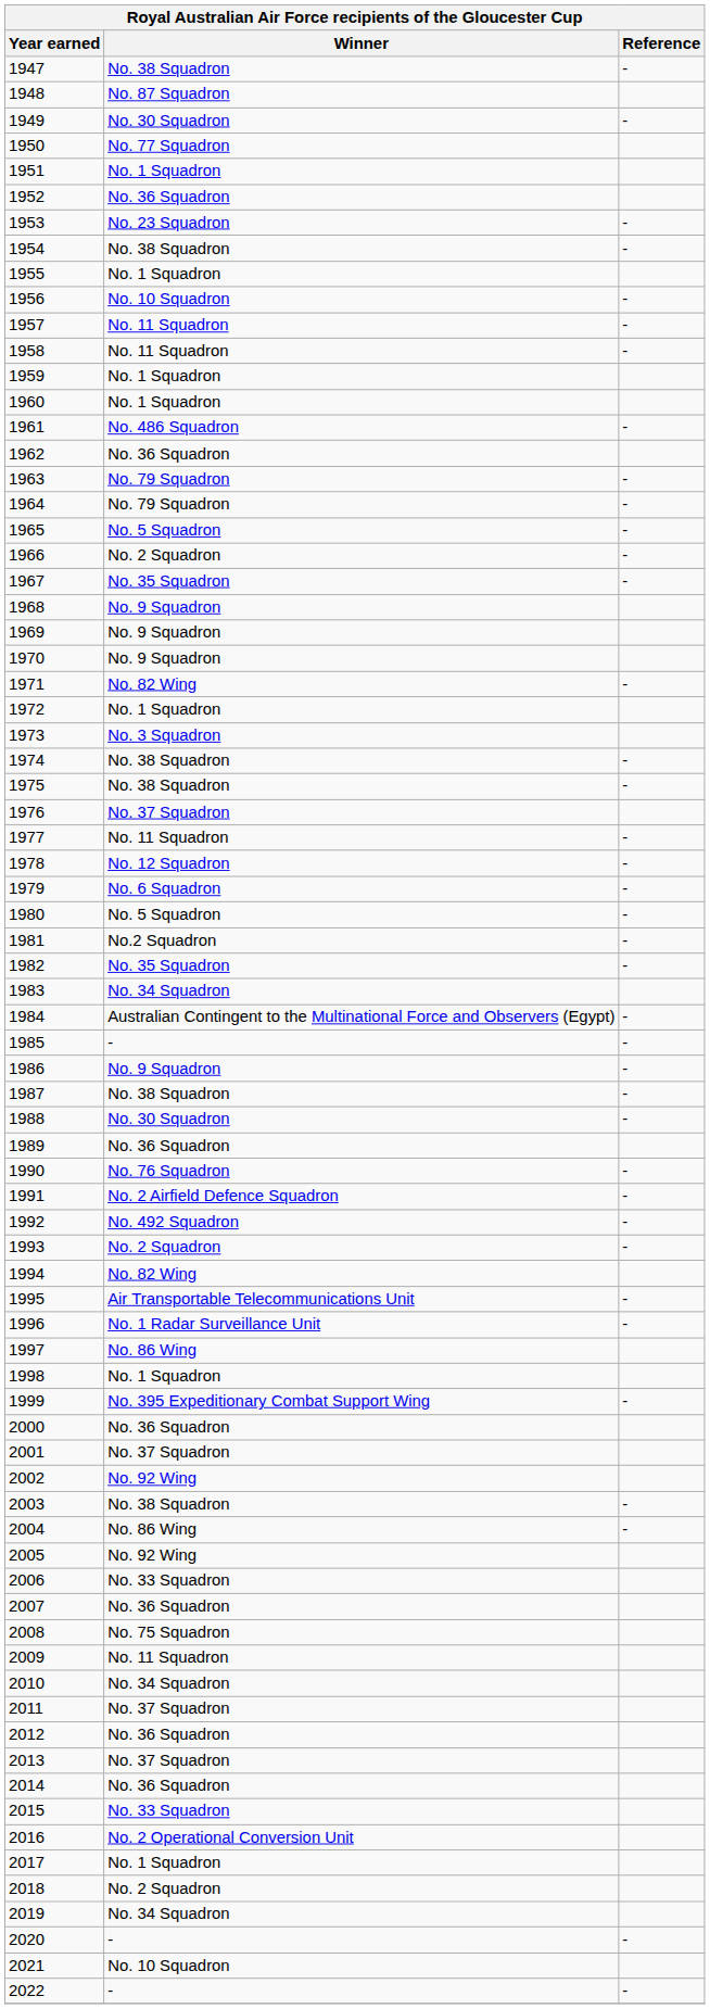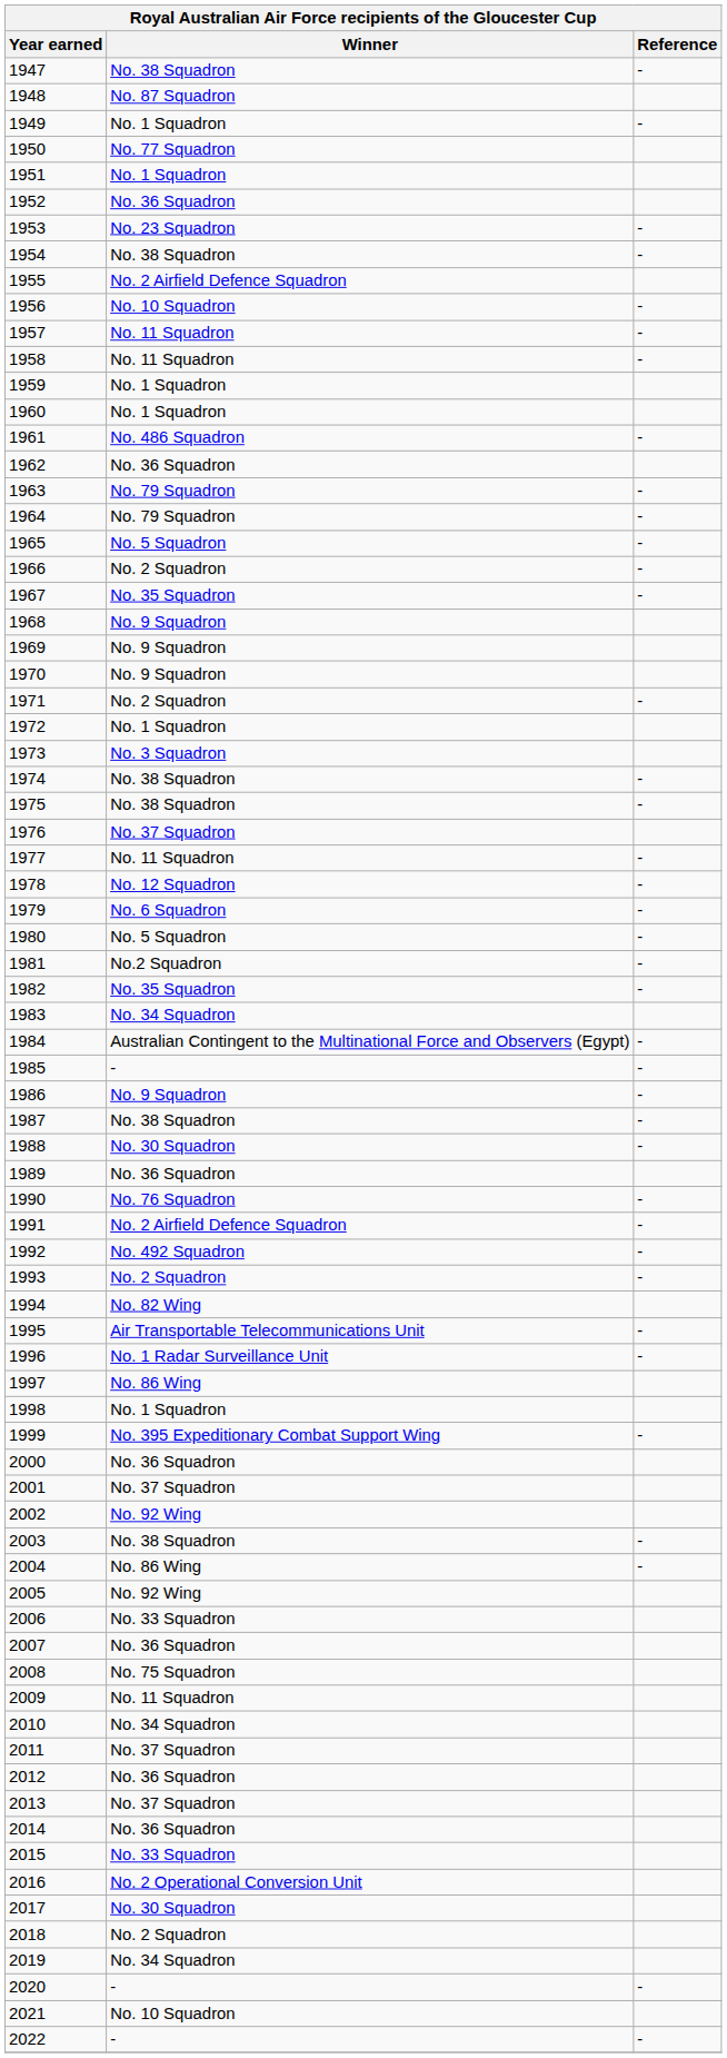 <table class="wikitable sortable collapsible collapsed" border="1">
 <tr>
 <th colspan="3" align="center">Royal Australian Air Force recipients of the Gloucester Cup</th>
 </tr>
 <tr>
 <th>Year earned</th>
 <th>Winner</th>
 <th>Reference</th>
 </tr>
 <tr>
 <td>1947</td>
 <td><a href='#'>No. 38 Squadron</a></td>
 <td>-</td>
 </tr>
 <tr>
 <td>1948</td>
 <td><a href='#'>No. 87 Squadron</a></td>
 <td></td>
 </tr>
 <tr>
 <td>1949</td>
-<td><a href='#'>No. 30 Squadron</a></td>
+<td>No. 1 Squadron</td>
 <td>-</td>
 </tr>
 <tr>
 <td>1950</td>
 <td><a href='#'>No. 77 Squadron</a></td>
 <td></td>
 </tr>
 <tr>
 <td>1951</td>
 <td><a href='#'>No. 1 Squadron</a></td>
 <td></td>
 </tr>
 <tr>
 <td>1952</td>
 <td><a href='#'>No. 36 Squadron</a></td>
 <td></td>
 </tr>
 <tr>
 <td>1953</td>
 <td><a href='#'>No. 23 Squadron</a></td>
 <td>-</td>
 </tr>
 <tr>
 <td>1954</td>
 <td>No. 38 Squadron</td>
 <td>-</td>
 </tr>
 <tr>
 <td>1955</td>
-<td>No. 1 Squadron</td>
+<td><a href='#'>No. 2 Airfield Defence Squadron</a></td>
 <td></td>
 </tr>
 <tr>
 <td>1956</td>
 <td><a href='#'>No. 10 Squadron</a></td>
 <td>-</td>
 </tr>
 <tr>
 <td>1957</td>
 <td><a href='#'>No. 11 Squadron</a></td>
 <td>-</td>
 </tr>
 <tr>
 <td>1958</td>
 <td>No. 11 Squadron</td>
 <td>-</td>
 </tr>
 <tr>
 <td>1959</td>
 <td>No. 1 Squadron</td>
 <td></td>
 </tr>
 <tr>
 <td>1960</td>
 <td>No. 1 Squadron</td>
 <td></td>
 </tr>
 <tr>
 <td>1961</td>
 <td><a href='#'>No. 486 Squadron</a></td>
 <td>-</td>
 </tr>
 <tr>
 <td>1962</td>
 <td>No. 36 Squadron</td>
 <td></td>
 </tr>
 <tr>
 <td>1963</td>
 <td><a href='#'>No. 79 Squadron</a></td>
 <td>-</td>
 </tr>
 <tr>
 <td>1964</td>
 <td>No. 79 Squadron</td>
 <td>-</td>
 </tr>
 <tr>
 <td>1965</td>
 <td><a href='#'>No. 5 Squadron</a></td>
 <td>-</td>
 </tr>
 <tr>
 <td>1966</td>
 <td>No. 2 Squadron</td>
 <td>-</td>
 </tr>
 <tr>
 <td>1967</td>
 <td><a href='#'>No. 35 Squadron</a></td>
 <td>-</td>
 </tr>
 <tr>
 <td>1968</td>
 <td><a href='#'>No. 9 Squadron</a></td>
 <td></td>
 </tr>
 <tr>
 <td>1969</td>
 <td>No. 9 Squadron</td>
 <td></td>
 </tr>
 <tr>
 <td>1970</td>
 <td>No. 9 Squadron</td>
 <td></td>
 </tr>
 <tr>
 <td>1971</td>
-<td><a href='#'>No. 82 Wing</a></td>
+<td>No. 2 Squadron</td>
 <td>-</td>
 </tr>
 <tr>
 <td>1972</td>
 <td>No. 1 Squadron</td>
 <td></td>
 </tr>
 <tr>
 <td>1973</td>
 <td><a href='#'>No. 3 Squadron</a></td>
 <td></td>
 </tr>
 <tr>
 <td>1974</td>
 <td>No. 38 Squadron</td>
 <td>-</td>
 </tr>
 <tr>
 <td>1975</td>
 <td>No. 38 Squadron</td>
 <td>-</td>
 </tr>
 <tr>
 <td>1976</td>
 <td><a href='#'>No. 37 Squadron</a></td>
 <td></td>
 </tr>
 <tr>
 <td>1977</td>
 <td>No. 11 Squadron</td>
 <td>-</td>
 </tr>
 <tr>
 <td>1978</td>
 <td><a href='#'>No. 12 Squadron</a></td>
 <td>-</td>
 </tr>
 <tr>
 <td>1979</td>
 <td><a href='#'>No. 6 Squadron</a></td>
 <td>-</td>
 </tr>
 <tr>
 <td>1980</td>
 <td>No. 5 Squadron</td>
 <td>-</td>
 </tr>
 <tr>
 <td>1981</td>
 <td>No.2 Squadron</td>
 <td>-</td>
 </tr>
 <tr>
 <td>1982</td>
 <td><a href='#'>No. 35 Squadron</a></td>
 <td>-</td>
 </tr>
 <tr>
 <td>1983</td>
 <td><a href='#'>No. 34 Squadron</a></td>
 <td></td>
 </tr>
 <tr>
 <td>1984</td>
 <td>Australian Contingent to the <a href='#'>Multinational Force and Observers</a> (Egypt)</td>
 <td>-</td>
 </tr>
 <tr>
 <td>1985</td>
 <td>-</td>
 <td>-</td>
 </tr>
 <tr>
 <td>1986</td>
 <td><a href='#'>No. 9 Squadron</a></td>
 <td>-</td>
 </tr>
 <tr>
 <td>1987</td>
 <td>No. 38 Squadron</td>
 <td>-</td>
 </tr>
 <tr>
 <td>1988</td>
 <td><a href='#'>No. 30 Squadron</a></td>
 <td>-</td>
 </tr>
 <tr>
 <td>1989</td>
 <td>No. 36 Squadron</td>
 <td></td>
 </tr>
 <tr>
 <td>1990</td>
 <td><a href='#'>No. 76 Squadron</a></td>
 <td>-</td>
 </tr>
 <tr>
 <td>1991</td>
 <td><a href='#'>No. 2 Airfield Defence Squadron</a></td>
 <td>-</td>
 </tr>
 <tr>
 <td>1992</td>
 <td><a href='#'>No. 492 Squadron</a></td>
 <td>-</td>
 </tr>
 <tr>
 <td>1993</td>
 <td><a href='#'>No. 2 Squadron</a></td>
 <td>-</td>
 </tr>
 <tr>
 <td>1994</td>
 <td><a href='#'>No. 82 Wing</a></td>
 <td></td>
 </tr>
 <tr>
 <td>1995</td>
 <td><a href='#'>Air Transportable Telecommunications Unit</a></td>
 <td>-</td>
 </tr>
 <tr>
 <td>1996</td>
 <td><a href='#'>No. 1 Radar Surveillance Unit</a></td>
 <td>-</td>
 </tr>
 <tr>
 <td>1997</td>
 <td><a href='#'>No. 86 Wing</a></td>
 <td></td>
 </tr>
 <tr>
 <td>1998</td>
 <td>No. 1 Squadron</td>
 <td></td>
 </tr>
 <tr>
 <td>1999</td>
 <td><a href='#'>No. 395 Expeditionary Combat Support Wing</a></td>
 <td>-</td>
 </tr>
 <tr>
 <td>2000</td>
 <td>No. 36 Squadron</td>
 <td></td>
 </tr>
 <tr>
 <td>2001</td>
 <td>No. 37 Squadron</td>
 <td></td>
 </tr>
 <tr>
 <td>2002</td>
 <td><a href='#'>No. 92 Wing</a></td>
 <td></td>
 </tr>
 <tr>
 <td>2003</td>
 <td>No. 38 Squadron</td>
 <td>-</td>
 </tr>
 <tr>
 <td>2004</td>
 <td>No. 86 Wing</td>
 <td>-</td>
 </tr>
 <tr>
 <td>2005</td>
 <td>No. 92 Wing</td>
 <td></td>
 </tr>
 <tr>
 <td>2006</td>
 <td>No. 33 Squadron</td>
 <td></td>
 </tr>
 <tr>
 <td>2007</td>
 <td>No. 36 Squadron</td>
 <td></td>
 </tr>
 <tr>
 <td>2008</td>
 <td>No. 75 Squadron</td>
 <td></td>
 </tr>
 <tr>
 <td>2009</td>
 <td>No. 11 Squadron</td>
 <td></td>
 </tr>
 <tr>
 <td>2010</td>
 <td>No. 34 Squadron</td>
 <td></td>
 </tr>
 <tr>
 <td>2011</td>
 <td>No. 37 Squadron</td>
 <td></td>
 </tr>
 <tr>
 <td>2012</td>
 <td>No. 36 Squadron</td>
 <td></td>
 </tr>
 <tr>
 <td>2013</td>
 <td>No. 37 Squadron</td>
 <td></td>
 </tr>
 <tr>
 <td>2014</td>
 <td>No. 36 Squadron</td>
 <td></td>
 </tr>
 <tr>
 <td>2015</td>
 <td><a href='#'>No. 33 Squadron</a></td>
 <td></td>
 </tr>
 <tr>
 <td>2016</td>
 <td><a href='#'>No. 2 Operational Conversion Unit</a></td>
 <td></td>
 </tr>
 <tr>
 <td>2017</td>
-<td>No. 1 Squadron</td>
+<td><a href='#'>No. 30 Squadron</a></td>
 <td></td>
 </tr>
 <tr>
 <td>2018</td>
 <td>No. 2 Squadron</td>
 <td></td>
 </tr>
 <tr>
 <td>2019</td>
 <td>No. 34 Squadron</td>
 <td></td>
 </tr>
 <tr>
 <td>2020</td>
 <td>-</td>
 <td>-</td>
 </tr>
 <tr>
 <td>2021</td>
 <td>No. 10 Squadron</td>
 <td></td>
 </tr>
 <tr>
 <td>2022</td>
 <td>-</td>
 <td>-</td>
 </tr>
 <tr>
 </tr>
 </table>
